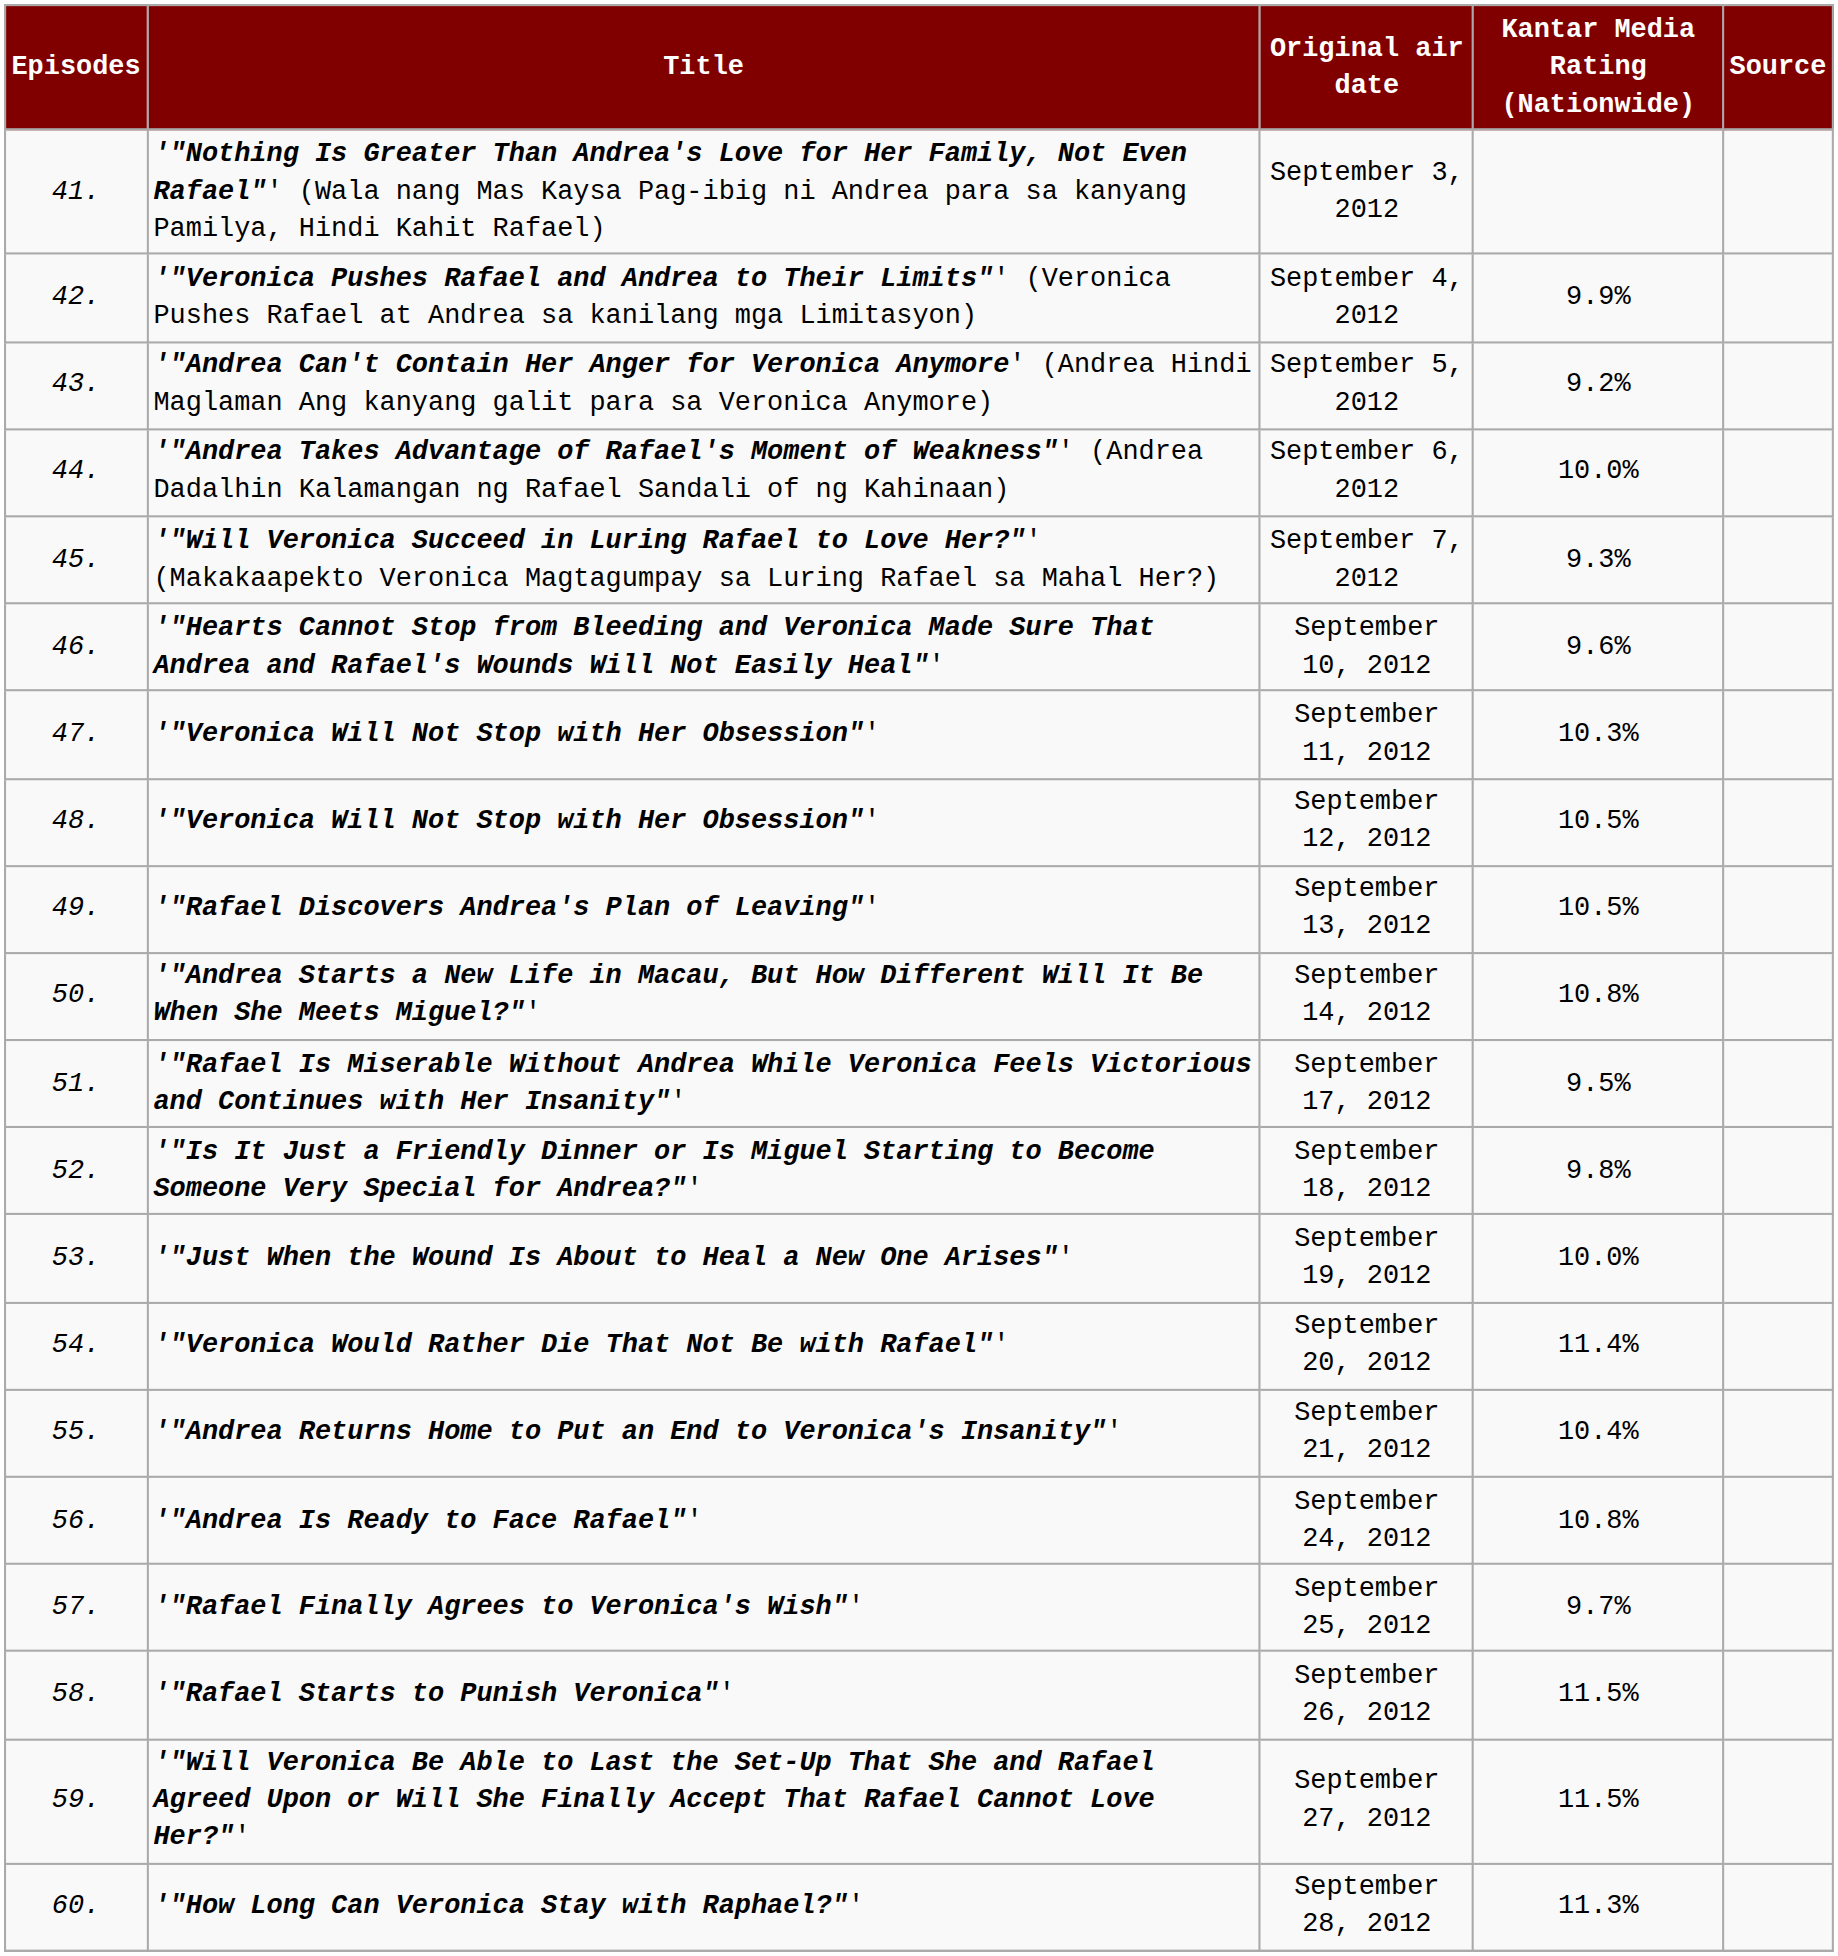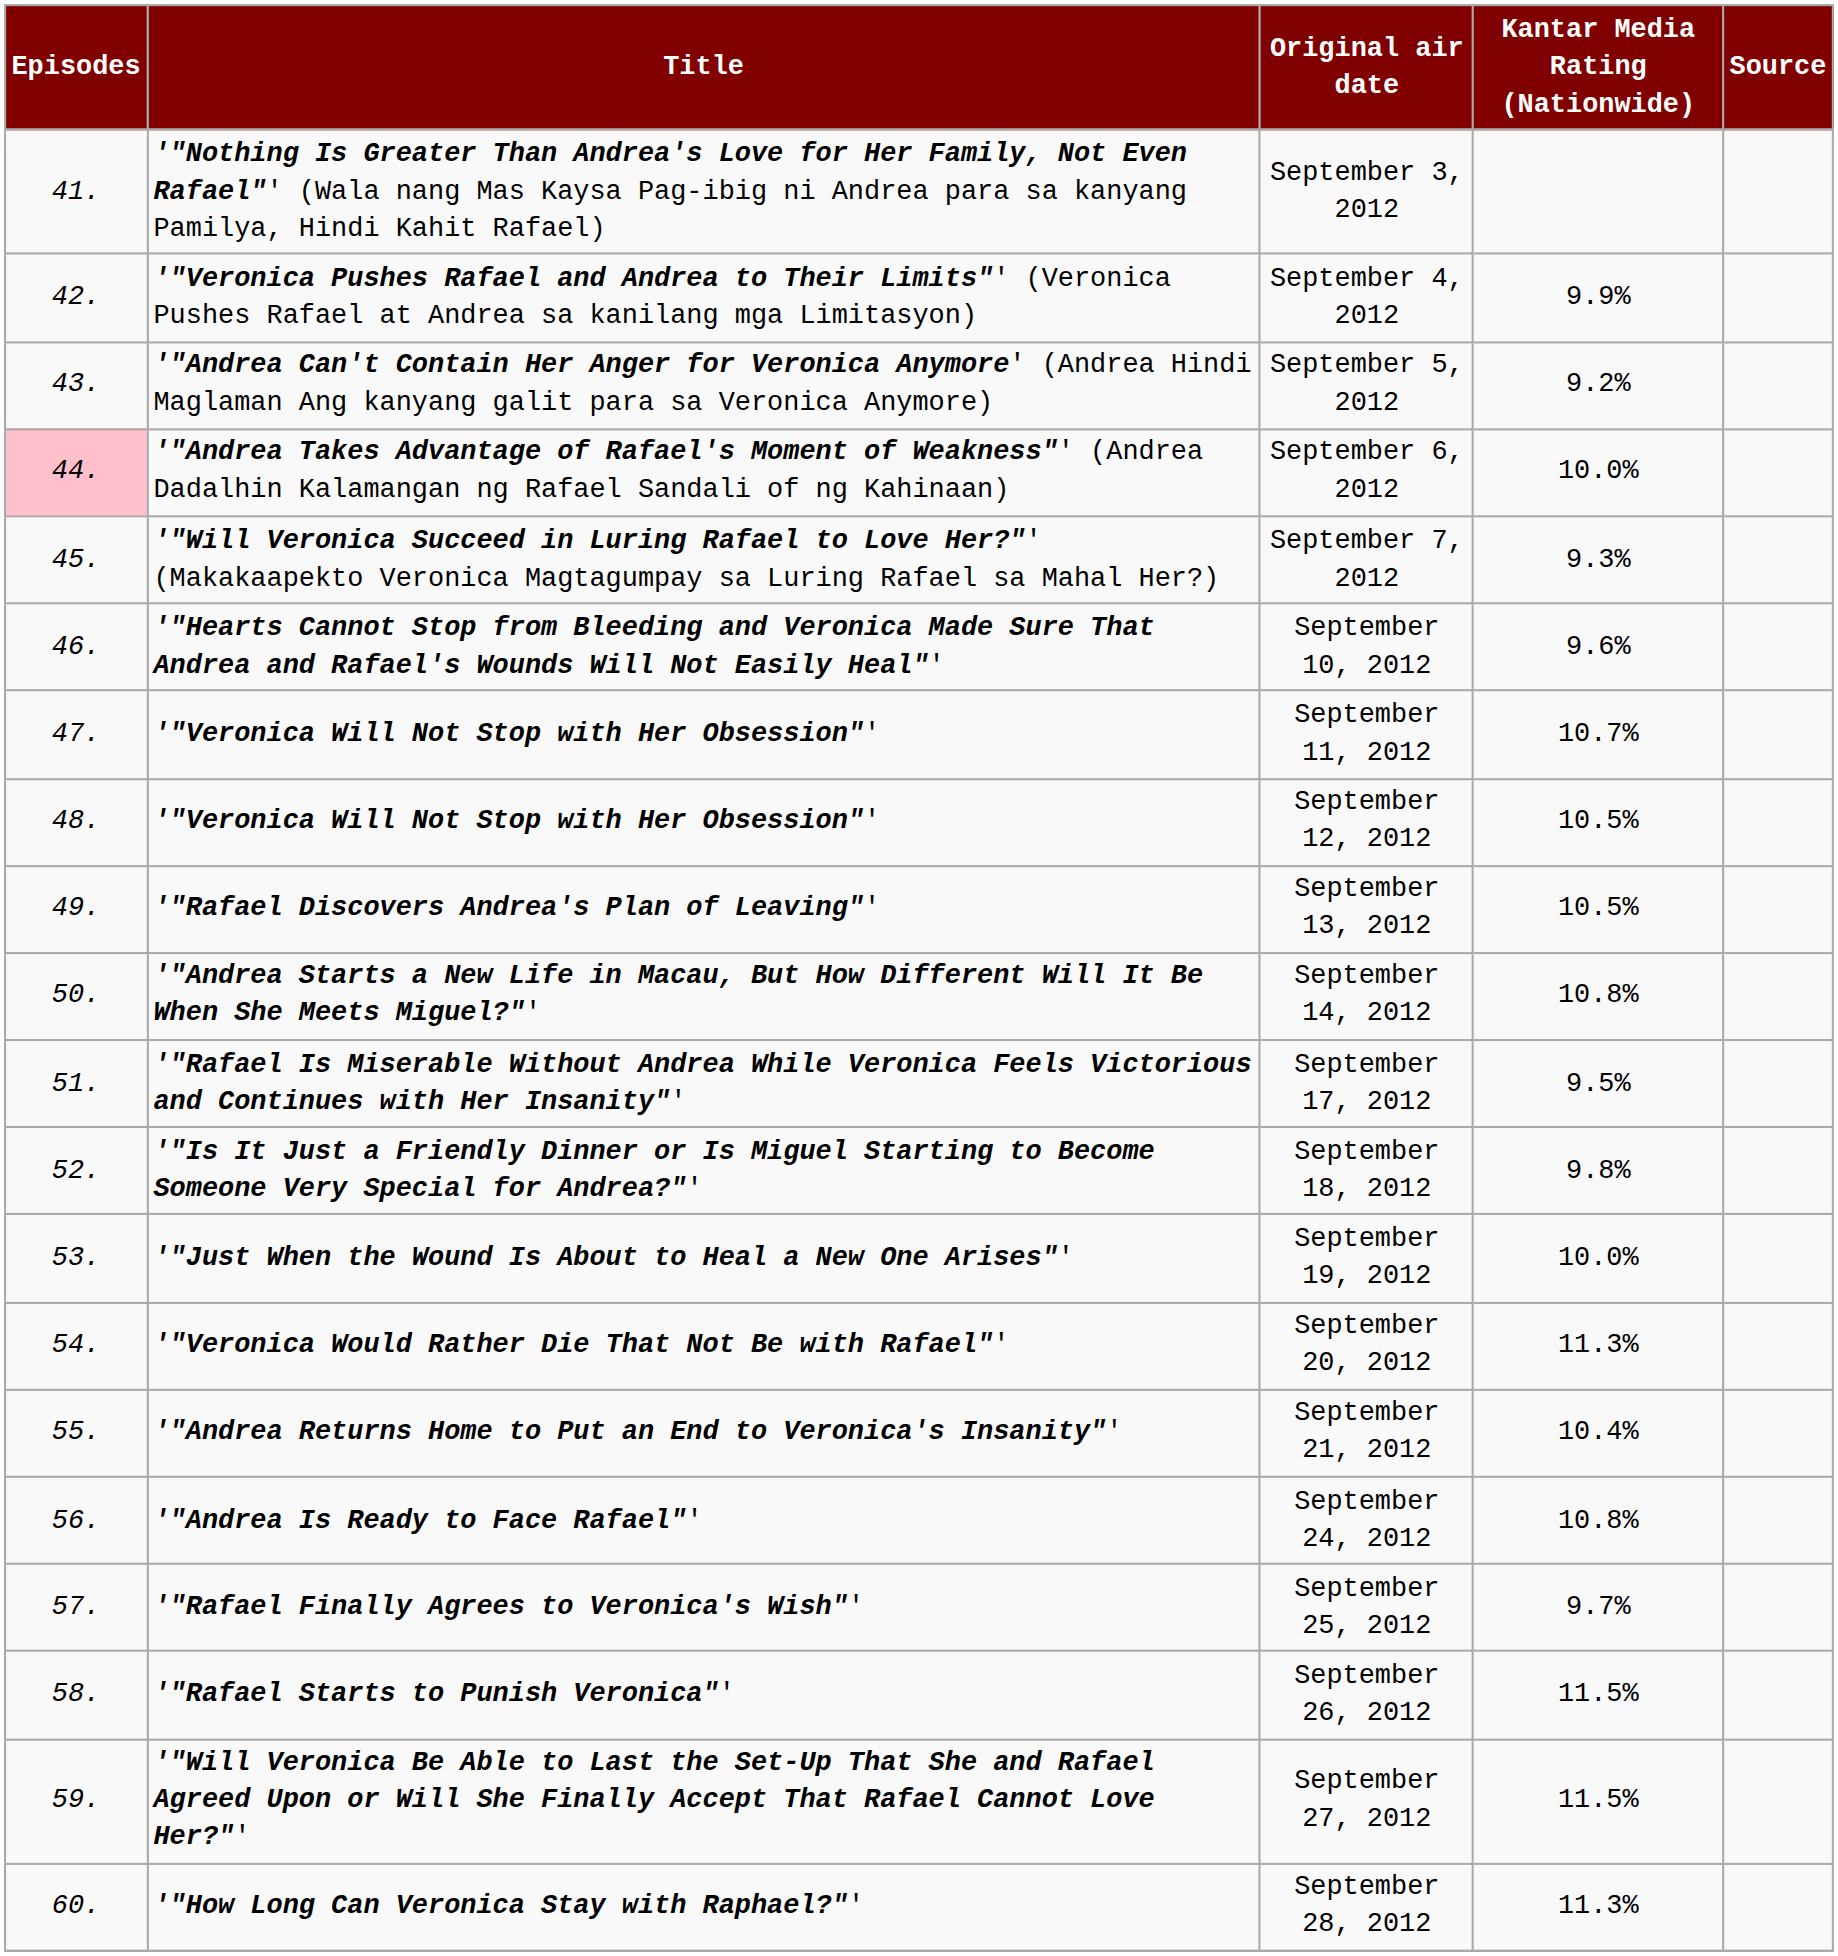 <table class="wikitable" style="text-align:center; font-size:100%; line-height:18px;" width="100%">
 <tr style="color:black;">
 <th style="background:#800000; color:#ffffff">Episodes</th>
 <th style="background:#800000; color:#ffffff">Title</th>
 <th style="background:#800000; color:#ffffff">Original air date</th>
 <th style="background:#800000; color:#ffffff">Kantar Media Rating <br> (Nationwide)</th>
 <th style="background:#800000; color:#ffffff">Source</th>
 </tr>
 <tr style="text-align: center">
 <td><em>41.</em></td>
 <td align="left"><strong><em>'"Nothing Is Greater Than Andrea's Love for Her Family, Not Even Rafael"</em></strong>' (Wala nang Mas Kaysa Pag-ibig ni Andrea para sa kanyang Pamilya, Hindi Kahit Rafael)</td>
 <td>September 3, 2012</td>
 <td></td>
 <td></td>
 </tr>
 <tr>
 <td><em>42.</em></td>
 <td align="left"><strong><em>'"Veronica Pushes Rafael and Andrea to Their Limits"</em></strong>' (Veronica Pushes Rafael at Andrea sa kanilang mga Limitasyon)</td>
 <td>September 4, 2012</td>
 <td>9.9%</td>
 <td></td>
 </tr>
 <tr>
 <td><em>43.</em></td>
 <td align="left"><strong><em>'"Andrea Can't Contain Her Anger for Veronica Anymore</em></strong>' (Andrea Hindi Maglaman Ang kanyang galit para sa Veronica Anymore)</td>
 <td>September 5, 2012</td>
 <td>9.2%</td>
 <td></td>
 </tr>
 <tr>
-<td><em>44.</em></td>
+<td style="background: pink;"><em>44.</em></td>
 <td align="left"><strong><em>'"Andrea Takes Advantage of Rafael's Moment of Weakness"</em></strong>' (Andrea Dadalhin Kalamangan ng Rafael Sandali of ng Kahinaan)</td>
 <td>September 6, 2012</td>
 <td>10.0%</td>
 <td></td>
 </tr>
 <tr>
 <td><em>45.</em></td>
 <td align="left"><strong><em>'"Will Veronica Succeed in Luring Rafael to Love Her?"</em></strong>' (Makakaapekto Veronica Magtagumpay sa Luring Rafael sa Mahal Her?)</td>
 <td>September 7, 2012</td>
 <td>9.3%</td>
 <td></td>
 </tr>
 <tr>
 <td><em>46.</em></td>
 <td align="left"><strong><em>'"Hearts Cannot Stop from Bleeding and Veronica Made Sure That Andrea and Rafael's Wounds Will Not Easily Heal"</em></strong>'</td>
 <td>September 10, 2012</td>
 <td>9.6%</td>
 <td></td>
 </tr>
 <tr>
 <td><em>47.</em></td>
 <td align="left"><strong><em>'"Veronica Will Not Stop with Her Obsession"</em></strong>'</td>
 <td>September 11, 2012</td>
-<td>10.3%</td>
+<td>10.7%</td>
 <td></td>
 </tr>
 <tr>
 <td><em>48.</em></td>
 <td align="left"><strong><em>'"Veronica Will Not Stop with Her Obsession"</em></strong>'</td>
 <td>September 12, 2012</td>
 <td>10.5%</td>
 <td></td>
 </tr>
 <tr>
 <td><em>49.</em></td>
 <td align="left"><strong><em>'"Rafael Discovers Andrea's Plan of Leaving"</em></strong>'</td>
 <td>September 13, 2012</td>
 <td>10.5%</td>
 <td></td>
 </tr>
 <tr>
 <td><em>50.</em></td>
 <td align="left"><strong><em>'"Andrea Starts a New Life in Macau, But How Different Will It Be When She Meets Miguel?"</em></strong>'</td>
 <td>September 14, 2012</td>
 <td>10.8%</td>
 <td></td>
 </tr>
 <tr>
 <td><em>51.</em></td>
 <td align="left"><strong><em>'"Rafael Is Miserable Without Andrea While Veronica Feels Victorious and Continues with Her Insanity"</em></strong>'</td>
 <td>September 17, 2012</td>
 <td>9.5%</td>
 <td></td>
 </tr>
 <tr>
 <td><em>52.</em></td>
 <td align="left"><strong><em>'"Is It Just a Friendly Dinner or Is Miguel Starting to Become Someone Very Special for Andrea?"</em></strong>'</td>
 <td>September 18, 2012</td>
 <td>9.8%</td>
 <td></td>
 </tr>
 <tr>
 <td><em>53.</em></td>
 <td align="left"><strong><em>'"Just When the Wound Is About to Heal a New One Arises"</em></strong>'</td>
 <td>September 19, 2012</td>
 <td>10.0%</td>
 <td></td>
 </tr>
 <tr>
 <td><em>54.</em></td>
 <td align="left"><strong><em>'"Veronica Would Rather Die That Not Be with Rafael"</em></strong>'</td>
 <td>September 20, 2012</td>
-<td>11.4%</td>
+<td>11.3%</td>
 <td></td>
 </tr>
 <tr>
 <td><em>55.</em></td>
 <td align="left"><strong><em>'"Andrea Returns Home to Put an End to Veronica's Insanity"</em></strong>'</td>
 <td>September 21, 2012</td>
 <td>10.4%</td>
 <td></td>
 </tr>
 <tr>
 <td><em>56.</em></td>
 <td align="left"><strong><em>'"Andrea Is Ready to Face Rafael"</em></strong>'</td>
 <td>September 24, 2012</td>
 <td>10.8%</td>
 <td></td>
 </tr>
 <tr>
 <td><em>57.</em></td>
 <td align="left"><strong><em>'"Rafael Finally Agrees to Veronica's Wish"</em></strong>'</td>
 <td>September 25, 2012</td>
 <td>9.7%</td>
 <td></td>
 </tr>
 <tr>
 <td><em>58.</em></td>
 <td align="left"><strong><em>'"Rafael Starts to Punish Veronica"</em></strong>'</td>
 <td>September 26, 2012</td>
 <td>11.5%</td>
 <td></td>
 </tr>
 <tr>
 <td><em>59.</em></td>
 <td align="left"><strong><em>'"Will Veronica Be Able to Last the Set-Up That She and Rafael Agreed Upon or Will She Finally Accept That Rafael Cannot Love Her?"</em></strong>'</td>
 <td>September 27, 2012</td>
 <td>11.5%</td>
 <td></td>
 </tr>
 <tr>
 <td><em>60.</em></td>
 <td align="left"><strong><em>'"How Long Can Veronica Stay with Raphael?"</em></strong>'</td>
 <td>September 28, 2012</td>
 <td>11.3%</td>
 <td></td>
 </tr>
 <tr>
 </tr>
 </table>
